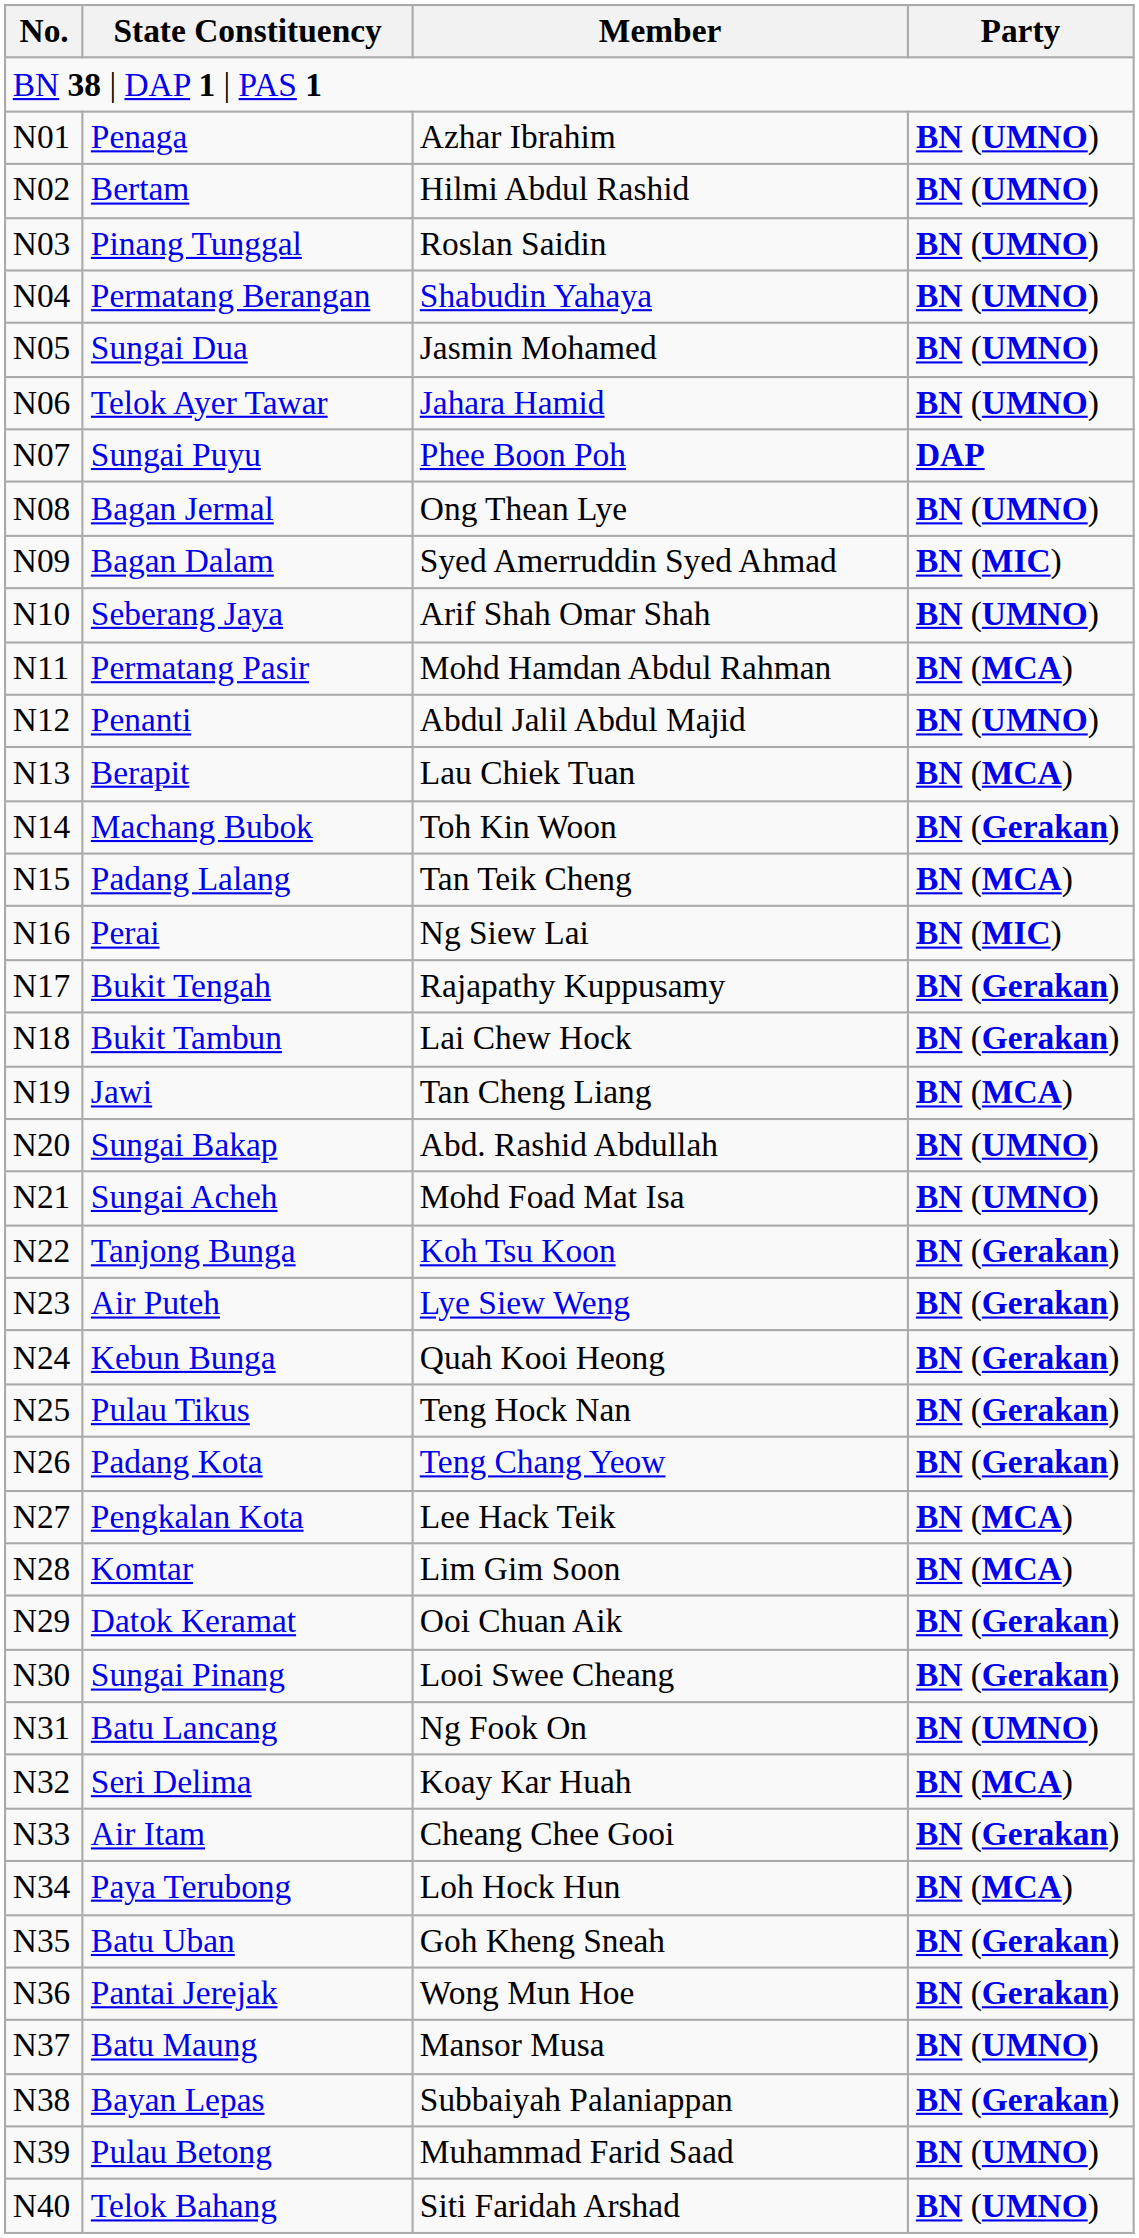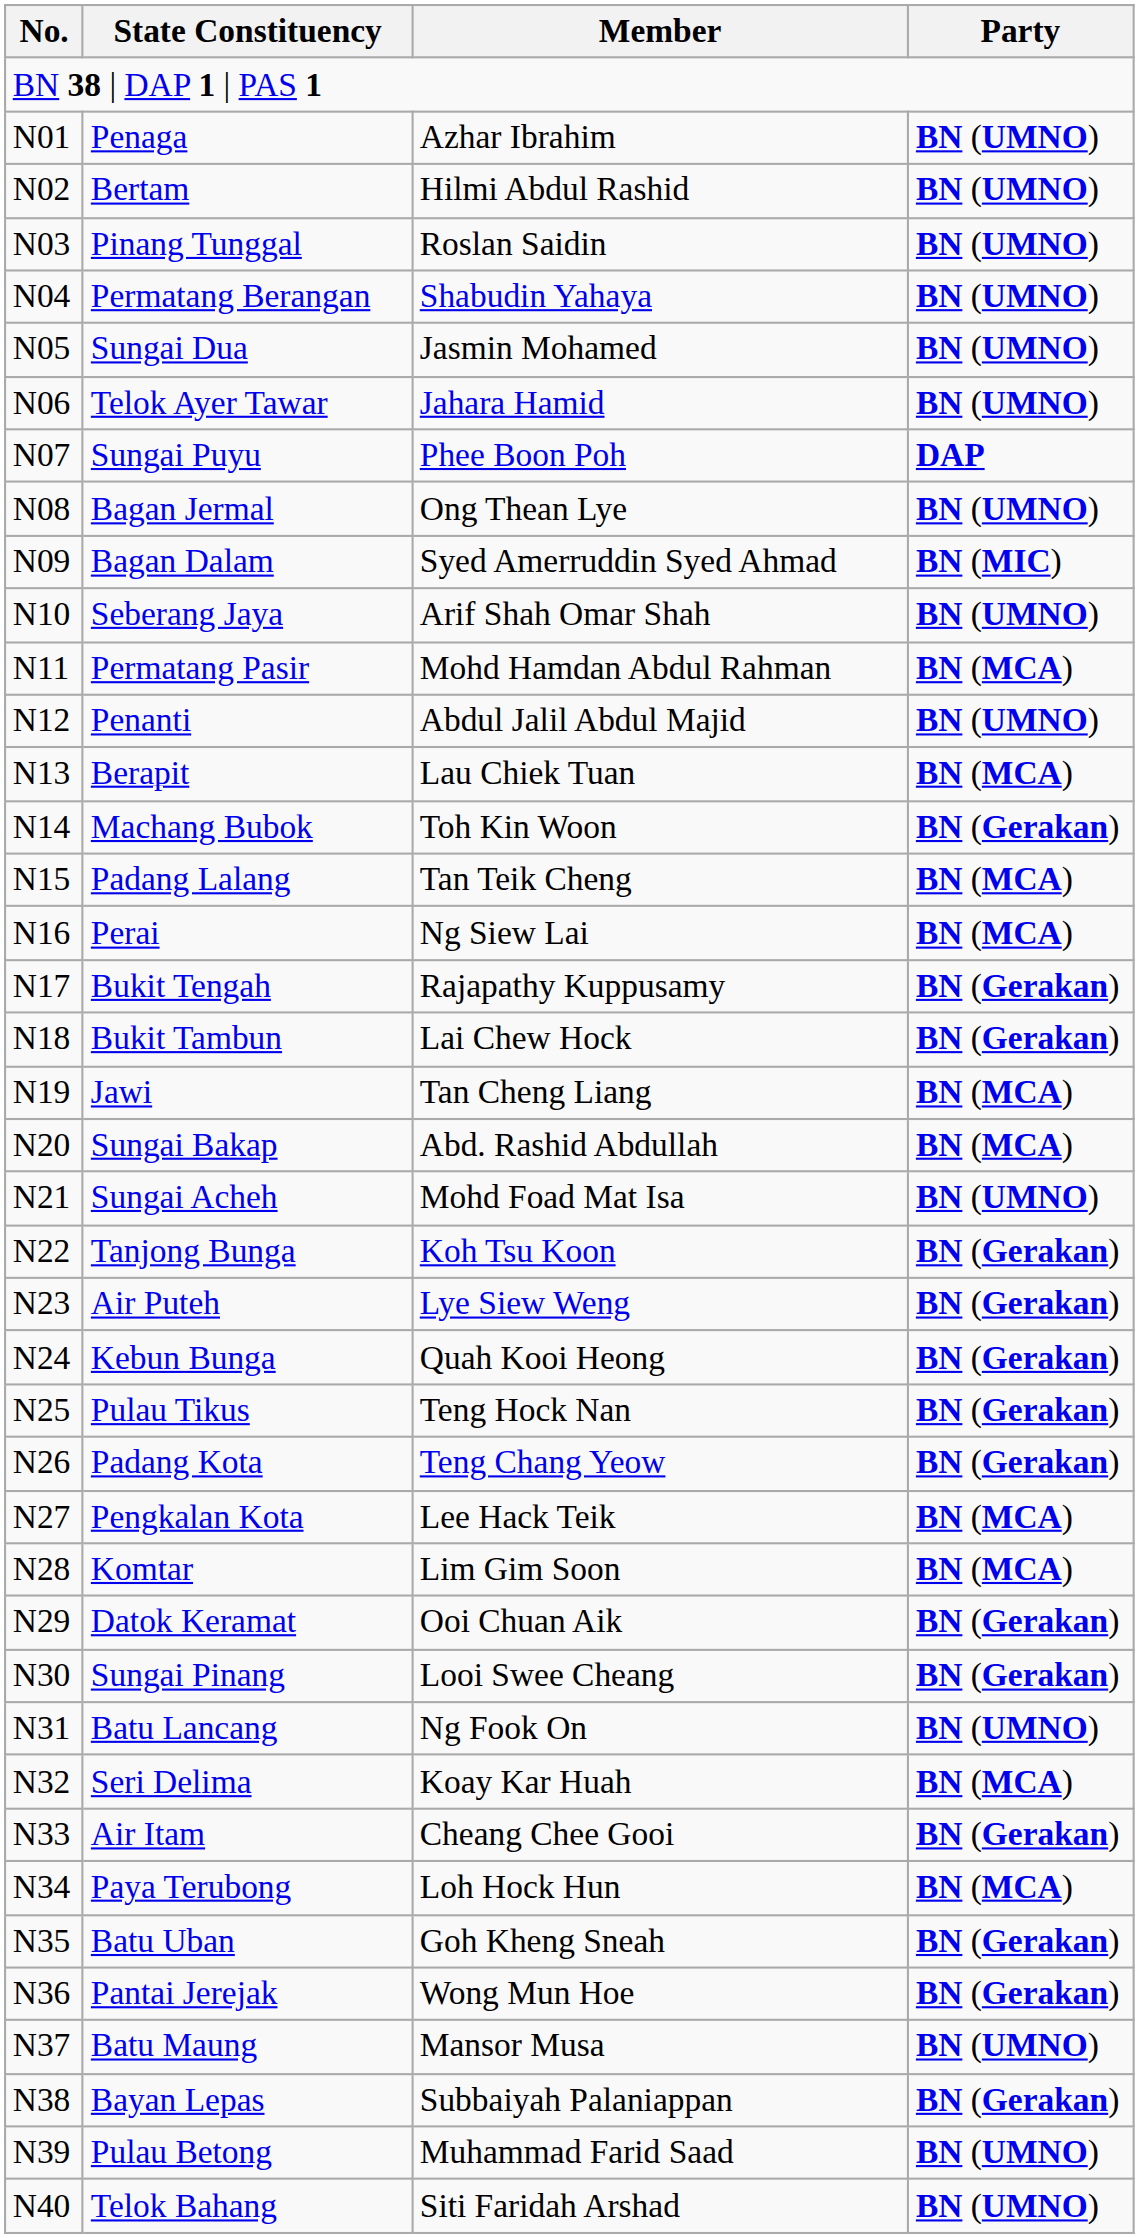 <table class="wikitable sortable">
 <tr>
 <th style="width:30px;">No.</th>
 <th style="width:150px;">State Constituency</th>
 <th style="width:230px;">Member</th>
 <th style="width:100px;">Party</th>
 </tr>
 <tr>
 <td colspan="4"><a href='#'>BN</a> <strong>38</strong> | <a href='#'>DAP</a> <strong>1</strong> | <a href='#'>PAS</a> <strong>1</strong></td>
 </tr>
 <tr>
 <td>N01</td>
 <td><a href='#'>Penaga</a></td>
 <td>Azhar Ibrahim</td>
 <td><strong><a href='#'>BN</a></strong> (<strong><a href='#'>UMNO</a></strong>)</td>
 </tr>
 <tr>
 <td>N02</td>
 <td><a href='#'>Bertam</a></td>
 <td>Hilmi Abdul Rashid</td>
 <td><strong><a href='#'>BN</a></strong> (<strong><a href='#'>UMNO</a></strong>)</td>
 </tr>
 <tr>
 <td>N03</td>
 <td><a href='#'>Pinang Tunggal</a></td>
 <td>Roslan Saidin</td>
 <td><strong><a href='#'>BN</a></strong> (<strong><a href='#'>UMNO</a></strong>)</td>
 </tr>
 <tr>
 <td>N04</td>
 <td><a href='#'>Permatang Berangan</a></td>
 <td><a href='#'>Shabudin Yahaya</a></td>
 <td><strong><a href='#'>BN</a></strong> (<strong><a href='#'>UMNO</a></strong>)</td>
 </tr>
 <tr>
 <td>N05</td>
 <td><a href='#'>Sungai Dua</a></td>
 <td>Jasmin Mohamed</td>
 <td><strong><a href='#'>BN</a></strong> (<strong><a href='#'>UMNO</a></strong>)</td>
 </tr>
 <tr>
 <td>N06</td>
 <td><a href='#'>Telok Ayer Tawar</a></td>
 <td><a href='#'>Jahara Hamid</a></td>
 <td><strong><a href='#'>BN</a></strong> (<strong><a href='#'>UMNO</a></strong>)</td>
 </tr>
 <tr>
 <td>N07</td>
 <td><a href='#'>Sungai Puyu</a></td>
 <td><a href='#'>Phee Boon Poh</a></td>
 <td><strong><a href='#'>DAP</a></strong></td>
 </tr>
 <tr>
 <td>N08</td>
 <td><a href='#'>Bagan Jermal</a></td>
 <td>Ong Thean Lye</td>
 <td><strong><a href='#'>BN</a></strong> (<strong><a href='#'>UMNO</a></strong>)</td>
 </tr>
 <tr>
 <td>N09</td>
 <td><a href='#'>Bagan Dalam</a></td>
 <td>Syed Amerruddin Syed Ahmad</td>
 <td><strong><a href='#'>BN</a></strong> (<strong><a href='#'>MIC</a></strong>)</td>
 </tr>
 <tr>
 <td>N10</td>
 <td><a href='#'>Seberang Jaya</a></td>
 <td>Arif Shah Omar Shah</td>
 <td><strong><a href='#'>BN</a></strong> (<strong><a href='#'>UMNO</a></strong>)</td>
 </tr>
 <tr>
 <td>N11</td>
 <td><a href='#'>Permatang Pasir</a></td>
 <td>Mohd Hamdan Abdul Rahman</td>
 <td><strong><a href='#'>BN</a></strong> (<strong><a href='#'>MCA</a></strong>)</td>
 </tr>
 <tr>
 <td>N12</td>
 <td><a href='#'>Penanti</a></td>
 <td>Abdul Jalil Abdul Majid</td>
 <td><strong><a href='#'>BN</a></strong> (<strong><a href='#'>UMNO</a></strong>)</td>
 </tr>
 <tr>
 <td>N13</td>
 <td><a href='#'>Berapit</a></td>
 <td>Lau Chiek Tuan</td>
 <td><strong><a href='#'>BN</a></strong> (<strong><a href='#'>MCA</a></strong>)</td>
 </tr>
 <tr>
 <td>N14</td>
 <td><a href='#'>Machang Bubok</a></td>
 <td>Toh Kin Woon</td>
 <td><strong><a href='#'>BN</a></strong> (<strong><a href='#'>Gerakan</a></strong>)</td>
 </tr>
 <tr>
 <td>N15</td>
 <td><a href='#'>Padang Lalang</a></td>
 <td>Tan Teik Cheng</td>
 <td><strong><a href='#'>BN</a></strong> (<strong><a href='#'>MCA</a></strong>)</td>
 </tr>
 <tr>
 <td>N16</td>
 <td><a href='#'>Perai</a></td>
 <td>Ng Siew Lai</td>
-<td><strong><a href='#'>BN</a></strong> (<strong><a href='#'>MIC</a></strong>)</td>
+<td><strong><a href='#'>BN</a></strong> (<strong><a href='#'>MCA</a></strong>)</td>
 </tr>
 <tr>
 <td>N17</td>
 <td><a href='#'>Bukit Tengah</a></td>
 <td>Rajapathy Kuppusamy</td>
 <td><strong><a href='#'>BN</a></strong> (<strong><a href='#'>Gerakan</a></strong>)</td>
 </tr>
 <tr>
 <td>N18</td>
 <td><a href='#'>Bukit Tambun</a></td>
 <td>Lai Chew Hock</td>
 <td><strong><a href='#'>BN</a></strong> (<strong><a href='#'>Gerakan</a></strong>)</td>
 </tr>
 <tr>
 <td>N19</td>
 <td><a href='#'>Jawi</a></td>
 <td>Tan Cheng Liang</td>
 <td><strong><a href='#'>BN</a></strong> (<strong><a href='#'>MCA</a></strong>)</td>
 </tr>
 <tr>
 <td>N20</td>
 <td><a href='#'>Sungai Bakap</a></td>
 <td>Abd. Rashid Abdullah</td>
-<td><strong><a href='#'>BN</a></strong> (<strong><a href='#'>UMNO</a></strong>)</td>
+<td><strong><a href='#'>BN</a></strong> (<strong><a href='#'>MCA</a></strong>)</td>
 </tr>
 <tr>
 <td>N21</td>
 <td><a href='#'>Sungai Acheh</a></td>
 <td>Mohd Foad Mat Isa</td>
 <td><strong><a href='#'>BN</a></strong> (<strong><a href='#'>UMNO</a></strong>)</td>
 </tr>
 <tr>
 <td>N22</td>
 <td><a href='#'>Tanjong Bunga</a></td>
 <td><a href='#'>Koh Tsu Koon</a></td>
 <td><strong><a href='#'>BN</a></strong> (<strong><a href='#'>Gerakan</a></strong>)</td>
 </tr>
 <tr>
 <td>N23</td>
 <td><a href='#'>Air Puteh</a></td>
 <td><a href='#'>Lye Siew Weng</a></td>
 <td><strong><a href='#'>BN</a></strong> (<strong><a href='#'>Gerakan</a></strong>)</td>
 </tr>
 <tr>
 <td>N24</td>
 <td><a href='#'>Kebun Bunga</a></td>
 <td>Quah Kooi Heong</td>
 <td><strong><a href='#'>BN</a></strong> (<strong><a href='#'>Gerakan</a></strong>)</td>
 </tr>
 <tr>
 <td>N25</td>
 <td><a href='#'>Pulau Tikus</a></td>
 <td>Teng Hock Nan</td>
 <td><strong><a href='#'>BN</a></strong> (<strong><a href='#'>Gerakan</a></strong>)</td>
 </tr>
 <tr>
 <td>N26</td>
 <td><a href='#'>Padang Kota</a></td>
 <td><a href='#'>Teng Chang Yeow</a></td>
 <td><strong><a href='#'>BN</a></strong> (<strong><a href='#'>Gerakan</a></strong>)</td>
 </tr>
 <tr>
 <td>N27</td>
 <td><a href='#'>Pengkalan Kota</a></td>
 <td>Lee Hack Teik</td>
 <td><strong><a href='#'>BN</a></strong> (<strong><a href='#'>MCA</a></strong>)</td>
 </tr>
 <tr>
 <td>N28</td>
 <td><a href='#'>Komtar</a></td>
 <td>Lim Gim Soon</td>
 <td><strong><a href='#'>BN</a></strong> (<strong><a href='#'>MCA</a></strong>)</td>
 </tr>
 <tr>
 <td>N29</td>
 <td><a href='#'>Datok Keramat</a></td>
 <td>Ooi Chuan Aik</td>
 <td><strong><a href='#'>BN</a></strong> (<strong><a href='#'>Gerakan</a></strong>)</td>
 </tr>
 <tr>
 <td>N30</td>
 <td><a href='#'>Sungai Pinang</a></td>
 <td>Looi Swee Cheang</td>
 <td><strong><a href='#'>BN</a></strong> (<strong><a href='#'>Gerakan</a></strong>)</td>
 </tr>
 <tr>
 <td>N31</td>
 <td><a href='#'>Batu Lancang</a></td>
 <td>Ng Fook On</td>
 <td><strong><a href='#'>BN</a></strong> (<strong><a href='#'>UMNO</a></strong>)</td>
 </tr>
 <tr>
 <td>N32</td>
 <td><a href='#'>Seri Delima</a></td>
 <td>Koay Kar Huah</td>
 <td><strong><a href='#'>BN</a></strong> (<strong><a href='#'>MCA</a></strong>)</td>
 </tr>
 <tr>
 <td>N33</td>
 <td><a href='#'>Air Itam</a></td>
 <td>Cheang Chee Gooi</td>
 <td><strong><a href='#'>BN</a></strong> (<strong><a href='#'>Gerakan</a></strong>)</td>
 </tr>
 <tr>
 <td>N34</td>
 <td><a href='#'>Paya Terubong</a></td>
 <td>Loh Hock Hun</td>
 <td><strong><a href='#'>BN</a></strong> (<strong><a href='#'>MCA</a></strong>)</td>
 </tr>
 <tr>
 <td>N35</td>
 <td><a href='#'>Batu Uban</a></td>
 <td>Goh Kheng Sneah</td>
 <td><strong><a href='#'>BN</a></strong> (<strong><a href='#'>Gerakan</a></strong>)</td>
 </tr>
 <tr>
 <td>N36</td>
 <td><a href='#'>Pantai Jerejak</a></td>
 <td>Wong Mun Hoe</td>
 <td><strong><a href='#'>BN</a></strong> (<strong><a href='#'>Gerakan</a></strong>)</td>
 </tr>
 <tr>
 <td>N37</td>
 <td><a href='#'>Batu Maung</a></td>
 <td>Mansor Musa</td>
 <td><strong><a href='#'>BN</a></strong> (<strong><a href='#'>UMNO</a></strong>)</td>
 </tr>
 <tr>
 <td>N38</td>
 <td><a href='#'>Bayan Lepas</a></td>
 <td>Subbaiyah Palaniappan</td>
 <td><strong><a href='#'>BN</a></strong> (<strong><a href='#'>Gerakan</a></strong>)</td>
 </tr>
 <tr>
 <td>N39</td>
 <td><a href='#'>Pulau Betong</a></td>
 <td>Muhammad Farid Saad</td>
 <td><strong><a href='#'>BN</a></strong> (<strong><a href='#'>UMNO</a></strong>)</td>
 </tr>
 <tr>
 <td>N40</td>
 <td><a href='#'>Telok Bahang</a></td>
 <td>Siti Faridah Arshad</td>
 <td><strong><a href='#'>BN</a></strong> (<strong><a href='#'>UMNO</a></strong>)</td>
 </tr>
 </table>
